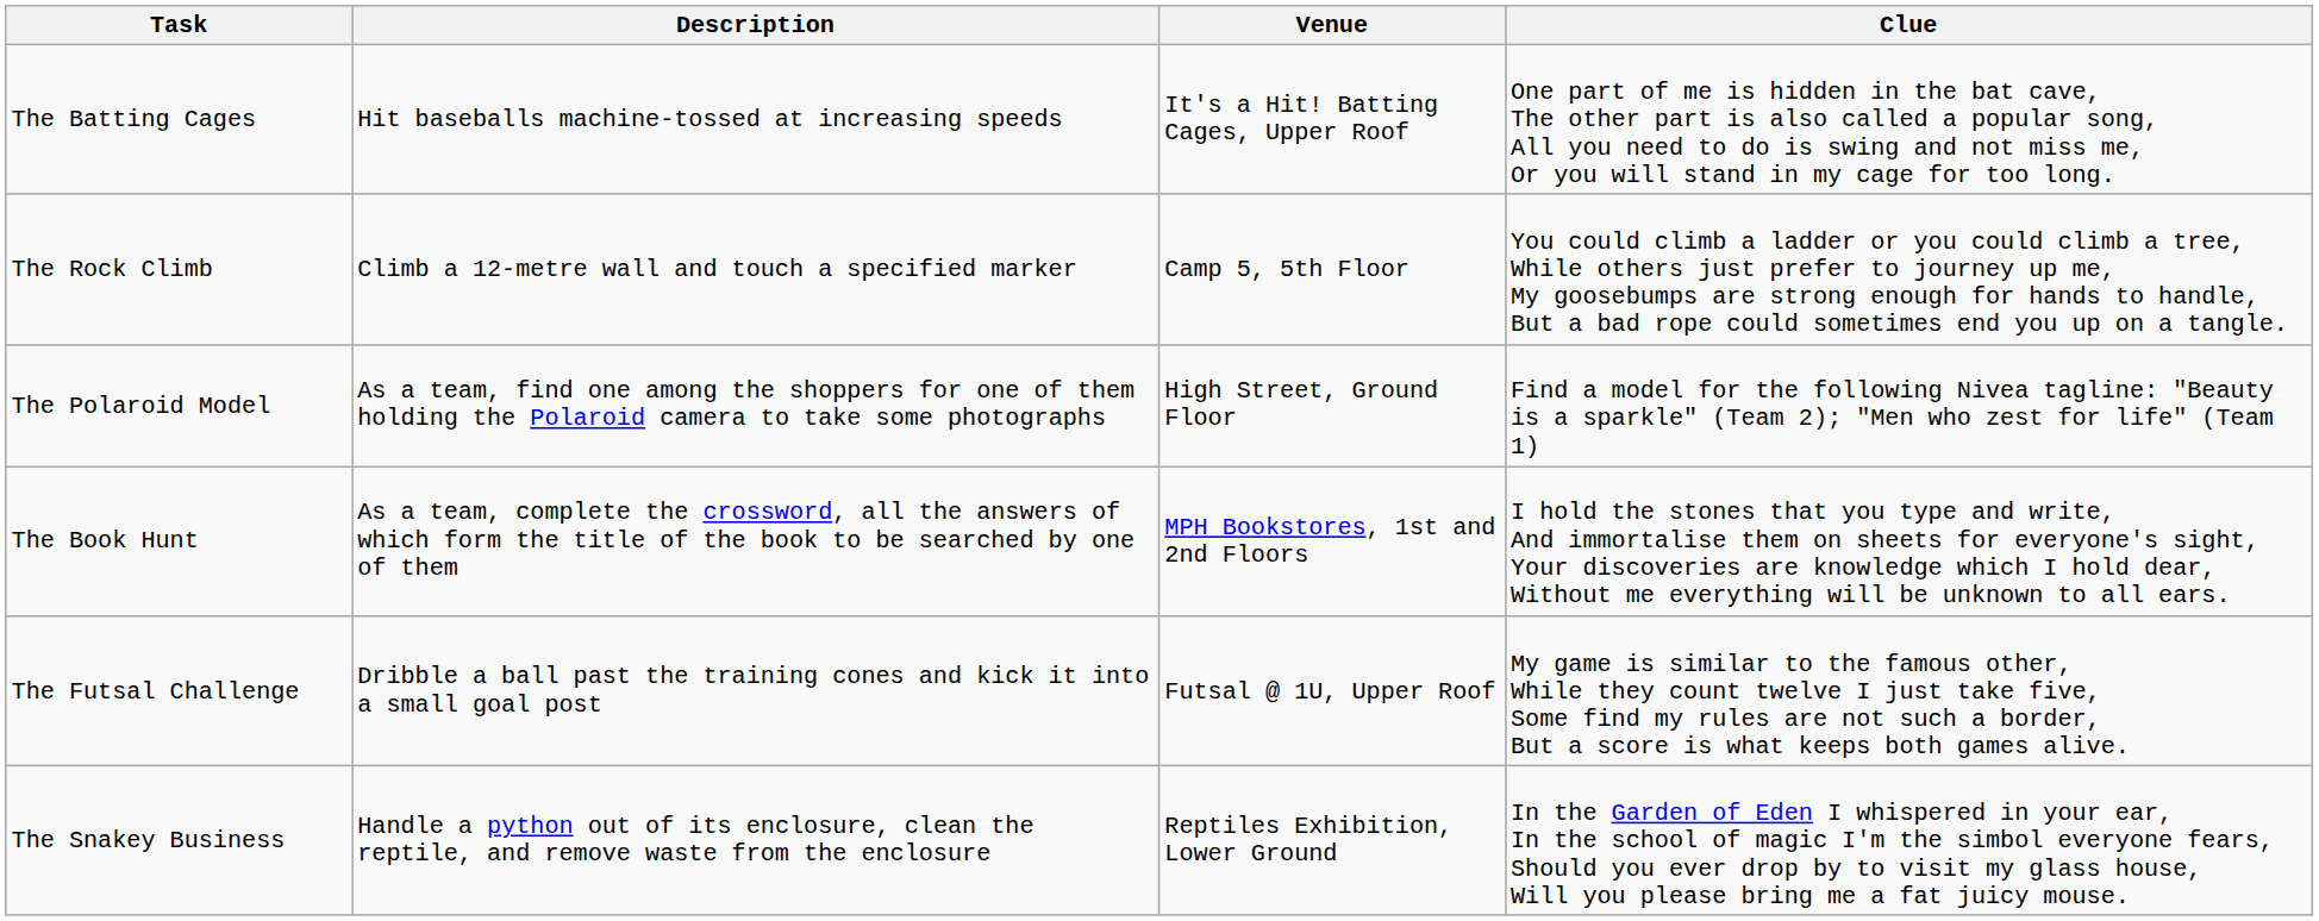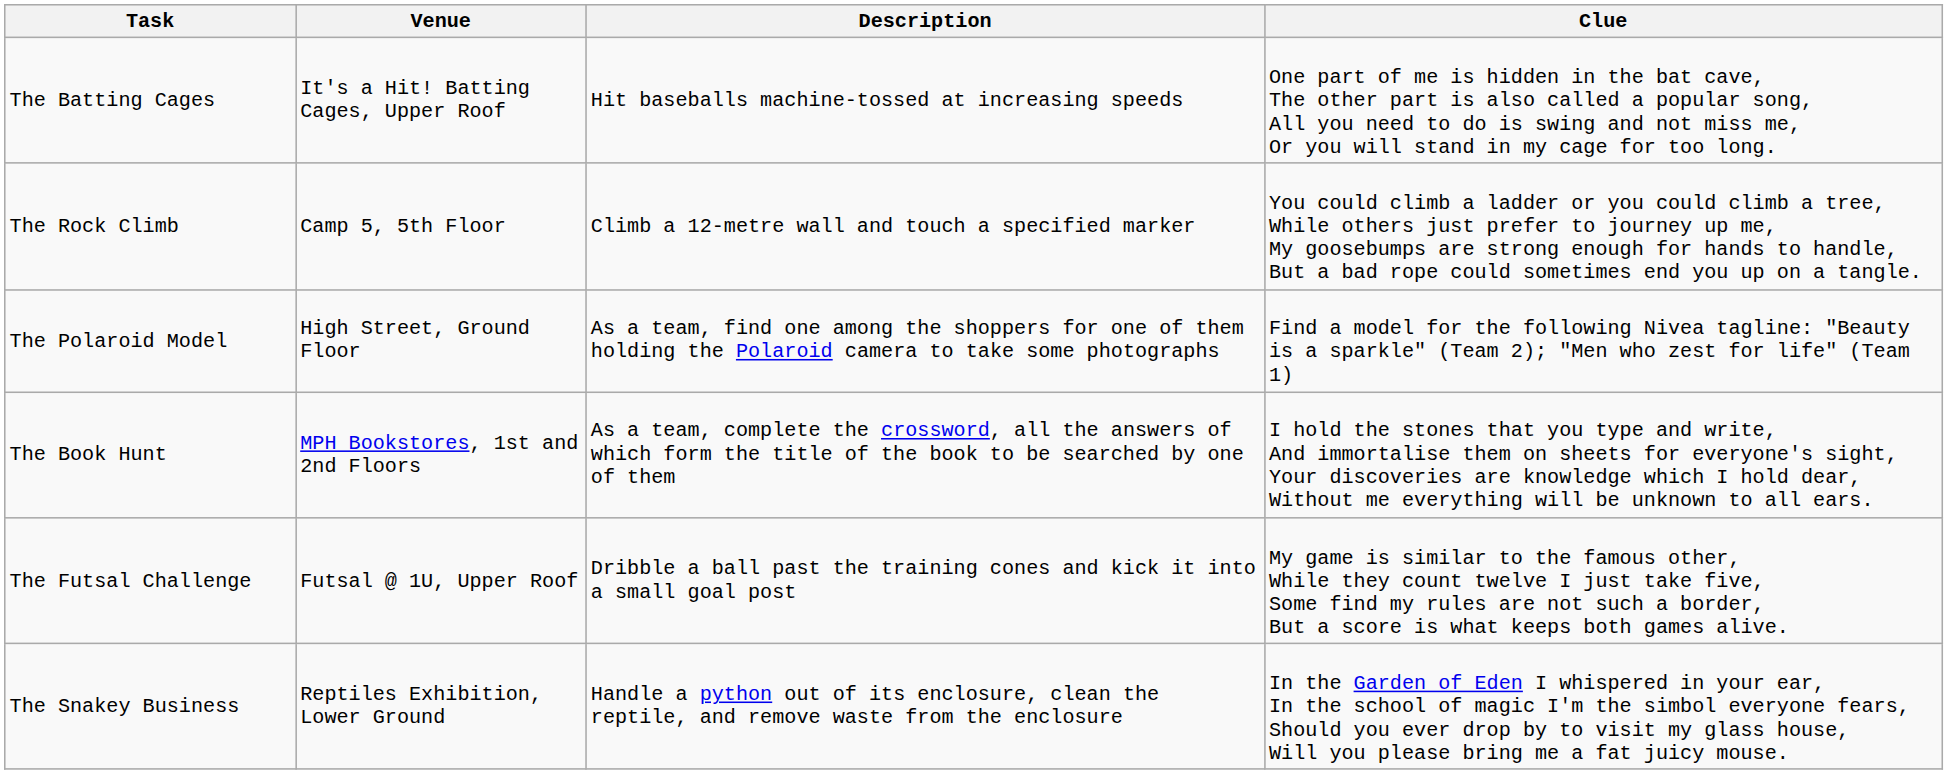 <table class="wikitable">
 <tr>
 <th width=15%>Task</th>
+<th width=15%>Venue</th>
 <th width=35%>Description</th>
-<th width=15%>Venue</th>
 <th width=35%>Clue</th>
 </tr>
 <tr>
 <td>The Batting Cages</td>
+<td>It's a Hit! Batting Cages, Upper Roof</td>
 <td>Hit baseballs machine-tossed at increasing speeds</td>
-<td>It's a Hit! Batting Cages, Upper Roof</td>
 <td><br>One part of me is hidden in the bat cave,<br> The other part is also called a popular song,<br> All you need to do is swing and not miss me,<br> Or you will stand in my cage for too long.</td>
 </tr>
 <tr>
 <td>The Rock Climb</td>
+<td>Camp 5, 5th Floor</td>
 <td>Climb a 12-metre wall and touch a specified marker</td>
-<td>Camp 5, 5th Floor</td>
 <td><br>You could climb a ladder or you could climb a tree,<br> While others just prefer to journey up me,<br> My goosebumps are strong enough for hands to handle,<br> But a bad rope could sometimes end you up on a tangle.</td>
 </tr>
 <tr>
 <td>The Polaroid Model</td>
+<td>High Street, Ground Floor</td>
 <td>As a team, find one among the shoppers for one of them holding the <a href='#'>Polaroid</a> camera to take some photographs</td>
-<td>High Street, Ground Floor</td>
 <td><br>Find a model for the following Nivea tagline: "Beauty is a sparkle" (Team 2); "Men who zest for life" (Team 1)</td>
 </tr>
 <tr>
 <td>The Book Hunt</td>
+<td><a href='#'>MPH Bookstores</a>, 1st and 2nd Floors</td>
 <td>As a team, complete the <a href='#'>crossword</a>, all the answers of which form the title of the book to be searched by one of them</td>
-<td><a href='#'>MPH Bookstores</a>, 1st and 2nd Floors</td>
 <td><br>I hold the stones that you type and write,<br> And immortalise them on sheets for everyone's sight,<br> Your discoveries are knowledge which I hold dear,<br> Without me everything will be unknown to all ears.</td>
 </tr>
 <tr>
 <td>The Futsal Challenge</td>
+<td>Futsal @ 1U, Upper Roof</td>
 <td>Dribble a ball past the training cones and kick it into a small goal post</td>
-<td>Futsal @ 1U, Upper Roof</td>
 <td><br>My game is similar to the famous other,<br> While they count twelve I just take five,<br> Some find my rules are not such a border,<br> But a score is what keeps both games alive.</td>
 </tr>
 <tr>
 <td>The Snakey Business</td>
+<td>Reptiles Exhibition, Lower Ground</td>
 <td>Handle a <a href='#'>python</a> out of its enclosure, clean the reptile, and remove waste from the enclosure</td>
-<td>Reptiles Exhibition, Lower Ground</td>
 <td><br>In the <a href='#'>Garden of Eden</a> I whispered in your ear,<br> In the school of magic I'm the simbol everyone fears,<br> Should you ever drop by to visit my glass house,<br> Will you please bring me a fat juicy mouse.</td>
 </tr>
 </table>
